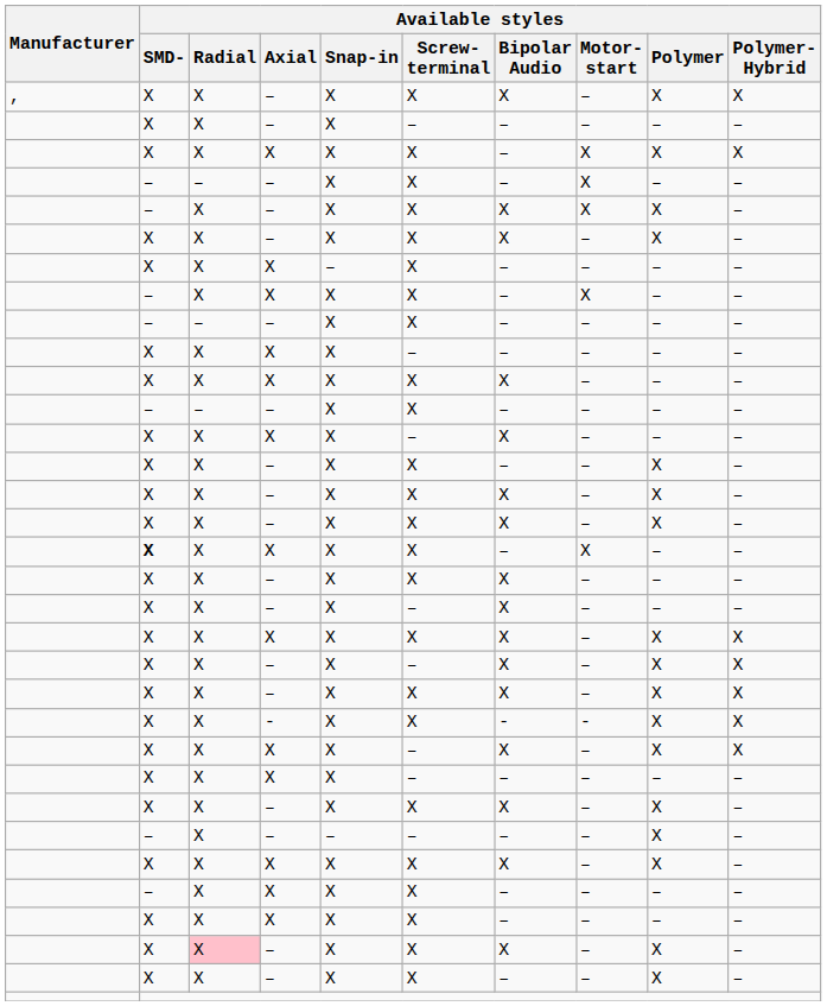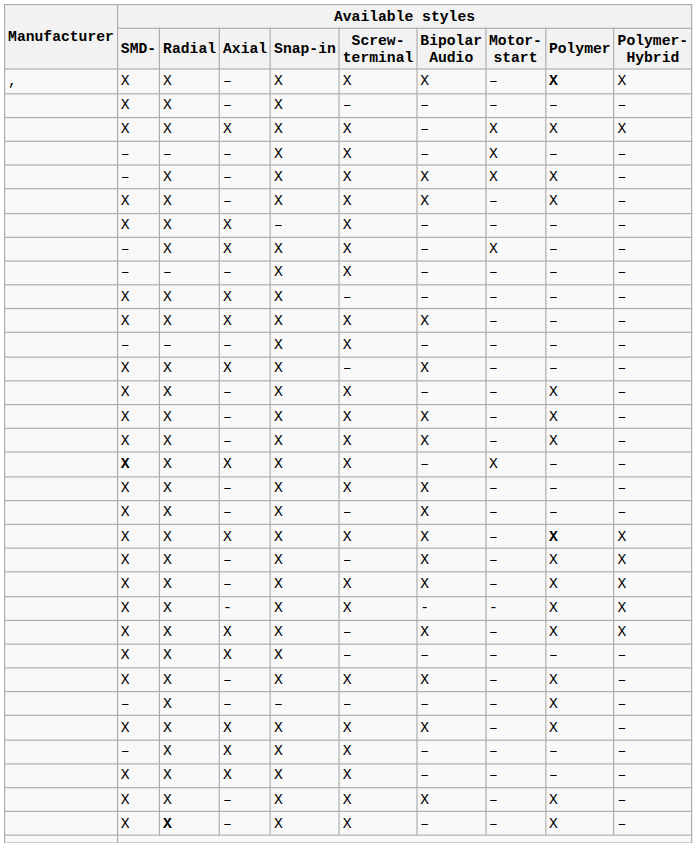 <table class="wikitable sortable">
 <tr class="hintergrundfarbe6" style="text-align:center">
 <th rowspan="2">Manufacturer</th>
 <th colspan="9">Available styles</th>
 </tr>
 <tr class="hintergrundfarbe6" style="text-align:center">
 <th>SMD-</th>
 <th>Radial</th>
 <th>Axial</th>
 <th>Snap-in</th>
 <th>Screw-<br>terminal</th>
 <th>Bipolar<br>Audio</th>
 <th>Motor-<br>start</th>
 <th>Polymer</th>
 <th>Polymer-<br>Hybrid</th>
 </tr>
 <tr>
 <td style="text-align:left">,</td>
 <td>X</td>
 <td>X</td>
 <td>–</td>
 <td>X</td>
 <td>X</td>
 <td>X</td>
 <td>–</td>
-<td>X</td>
+<td><strong>X</strong></td>
 <td>X</td>
 </tr>
 <tr>
 <td style="text-align:left"> </td>
 <td>X</td>
 <td>X</td>
 <td>–</td>
 <td>X</td>
 <td>–</td>
 <td>–</td>
 <td>–</td>
 <td>–</td>
 <td>–</td>
 </tr>
 <tr>
 <td style="text-align:left"></td>
 <td>X</td>
 <td>X</td>
 <td>X</td>
 <td>X</td>
 <td>X</td>
 <td>–</td>
 <td>X</td>
 <td>X</td>
 <td>X</td>
 </tr>
 <tr>
 <td style="text-align:left"></td>
 <td>–</td>
 <td>–</td>
 <td>–</td>
 <td>X</td>
 <td>X</td>
 <td>–</td>
 <td>X</td>
 <td>–</td>
 <td>–</td>
 </tr>
 <tr>
 <td></td>
 <td>–</td>
 <td>X</td>
 <td>–</td>
 <td>X</td>
 <td>X</td>
 <td>X</td>
 <td>X</td>
 <td>X</td>
 <td>–</td>
 </tr>
 <tr>
 <td style="text-align:left"></td>
 <td>X</td>
 <td>X</td>
 <td>–</td>
 <td>X</td>
 <td>X</td>
 <td>X</td>
 <td>–</td>
 <td>X</td>
 <td>–</td>
 </tr>
 <tr>
 <td style="text-align:left"></td>
 <td>X</td>
 <td>X</td>
 <td>X</td>
 <td>–</td>
 <td>X</td>
 <td>–</td>
 <td>–</td>
 <td>–</td>
 <td>–</td>
 </tr>
 <tr>
 <td style="text-align:left"></td>
 <td>–</td>
 <td>X</td>
 <td>X</td>
 <td>X</td>
 <td>X</td>
 <td>–</td>
 <td>X</td>
 <td>–</td>
 <td>–</td>
 </tr>
 <tr>
 <td style="text-align:left"></td>
 <td>–</td>
 <td>–</td>
 <td>–</td>
 <td>X</td>
 <td>X</td>
 <td>–</td>
 <td>–</td>
 <td>–</td>
 <td>–</td>
 </tr>
 <tr>
 <td style="text-align:left"></td>
 <td>X</td>
 <td>X</td>
 <td>X</td>
 <td>X</td>
 <td>–</td>
 <td>–</td>
 <td>–</td>
 <td>–</td>
 <td>–</td>
 </tr>
 <tr>
 <td style="text-align:left"></td>
 <td>X</td>
 <td>X</td>
 <td>X</td>
 <td>X</td>
 <td>X</td>
 <td>X</td>
 <td>–</td>
 <td>–</td>
 <td>–</td>
 </tr>
 <tr>
 <td style="text-align:left"></td>
 <td>–</td>
 <td>–</td>
 <td>–</td>
 <td>X</td>
 <td>X</td>
 <td>–</td>
 <td>–</td>
 <td>–</td>
 <td>–</td>
 </tr>
 <tr>
 <td style="text-align:left"></td>
 <td>X</td>
 <td>X</td>
 <td>X</td>
 <td>X</td>
 <td>–</td>
 <td>X</td>
 <td>–</td>
 <td>–</td>
 <td>–</td>
 </tr>
 <tr>
 <td style="text-align:left"></td>
 <td>X</td>
 <td>X</td>
 <td>–</td>
 <td>X</td>
 <td>X</td>
 <td>–</td>
 <td>–</td>
 <td>X</td>
 <td>–</td>
 </tr>
 <tr>
 <td style="text-align:left"></td>
 <td>X</td>
 <td>X</td>
 <td>–</td>
 <td>X</td>
 <td>X</td>
 <td>X</td>
 <td>–</td>
 <td>X</td>
 <td>–</td>
 </tr>
 <tr>
 <td style="text-align:left"></td>
 <td>X</td>
 <td>X</td>
 <td>–</td>
 <td>X</td>
 <td>X</td>
 <td>X</td>
 <td>–</td>
 <td>X</td>
 <td>–</td>
 </tr>
 <tr>
 <td style="text-align:left"></td>
 <td><strong>X</strong></td>
 <td>X</td>
 <td>X</td>
 <td>X</td>
 <td>X</td>
 <td>–</td>
 <td>X</td>
 <td>–</td>
 <td>–</td>
 </tr>
 <tr>
 <td style="text-align:left"></td>
 <td>X</td>
 <td>X</td>
 <td>–</td>
 <td>X</td>
 <td>X</td>
 <td>X</td>
 <td>–</td>
 <td>–</td>
 <td>–</td>
 </tr>
 <tr>
 <td style="text-align:left"></td>
 <td>X</td>
 <td>X</td>
 <td>–</td>
 <td>X</td>
 <td>–</td>
 <td>X</td>
 <td>–</td>
 <td>–</td>
 <td>–</td>
 </tr>
 <tr>
 <td style="text-align:left"></td>
 <td>X</td>
 <td>X</td>
 <td>X</td>
 <td>X</td>
 <td>X</td>
 <td>X</td>
 <td>–</td>
-<td>X</td>
+<td><strong>X</strong></td>
 <td>X</td>
 </tr>
 <tr>
 <td style="text-align:left"></td>
 <td>X</td>
 <td>X</td>
 <td>–</td>
 <td>X</td>
 <td>–</td>
 <td>X</td>
 <td>–</td>
 <td>X</td>
 <td>X</td>
 </tr>
 <tr>
 <td style="text-align:left"> </td>
 <td>X</td>
 <td>X</td>
 <td>–</td>
 <td>X</td>
 <td>X</td>
 <td>X</td>
 <td>–</td>
 <td>X</td>
 <td>X</td>
 </tr>
 <tr>
 <td></td>
 <td>X</td>
 <td>X</td>
 <td>-</td>
 <td>X</td>
 <td>X</td>
 <td>-</td>
 <td>-</td>
 <td>X</td>
 <td>X</td>
 </tr>
 <tr>
 <td style="text-align:left"></td>
 <td>X</td>
 <td>X</td>
 <td>X</td>
 <td>X</td>
 <td>–</td>
 <td>X</td>
 <td>–</td>
 <td>X</td>
 <td>X</td>
 </tr>
 <tr>
 <td style="text-align:left"></td>
 <td>X</td>
 <td>X</td>
 <td>X</td>
 <td>X</td>
 <td>–</td>
 <td>–</td>
 <td>–</td>
 <td>–</td>
 <td>–</td>
 </tr>
 <tr>
 <td style="text-align:left"></td>
 <td>X</td>
 <td>X</td>
 <td>–</td>
 <td>X</td>
 <td>X</td>
 <td>X</td>
 <td>–</td>
 <td>X</td>
 <td>–</td>
 </tr>
 <tr>
 <td style="text-align:left"></td>
 <td>–</td>
 <td>X</td>
 <td>–</td>
 <td>–</td>
 <td>–</td>
 <td>–</td>
 <td>–</td>
 <td>X</td>
 <td>–</td>
 </tr>
 <tr>
 <td style="text-align:left"></td>
 <td>X</td>
 <td>X</td>
 <td>X</td>
 <td>X</td>
 <td>X</td>
 <td>X</td>
 <td>–</td>
 <td>X</td>
 <td>–</td>
 </tr>
 <tr>
 <td style="text-align:left"></td>
 <td>–</td>
 <td>X</td>
 <td>X</td>
 <td>X</td>
 <td>X</td>
 <td>–</td>
 <td>–</td>
 <td>–</td>
 <td>–</td>
 </tr>
 <tr>
 <td style="text-align:left"></td>
 <td>X</td>
 <td>X</td>
 <td>X</td>
 <td>X</td>
 <td>X</td>
 <td>–</td>
 <td>–</td>
 <td>–</td>
 <td>–</td>
 </tr>
 <tr>
 <td style="text-align:left"></td>
 <td>X</td>
-<td style="background: pink;">X</td>
+<td>X</td>
 <td>–</td>
 <td>X</td>
 <td>X</td>
 <td>X</td>
 <td>–</td>
 <td>X</td>
 <td>–</td>
 </tr>
 <tr>
 <td style="text-align:left"></td>
 <td>X</td>
-<td>X</td>
+<td><strong>X</strong></td>
 <td>–</td>
 <td>X</td>
 <td>X</td>
 <td>–</td>
 <td>–</td>
 <td>X</td>
 <td>–</td>
 </tr>
 <tr>
 <td></td>
 </tr>
 </table>
